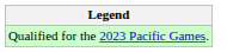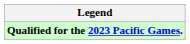 <table class="wikitable">
 <tr>
 <th>Legend</th>
 </tr>
 <tr bgcolor=ccffcc>
-<td>Qualified for the <a href='#'>2023 Pacific Games</a>.</td>
+<td><strong>Qualified for the <a href='#'>2023 Pacific Games</a>.</strong></td>
 </tr>
 </table>
